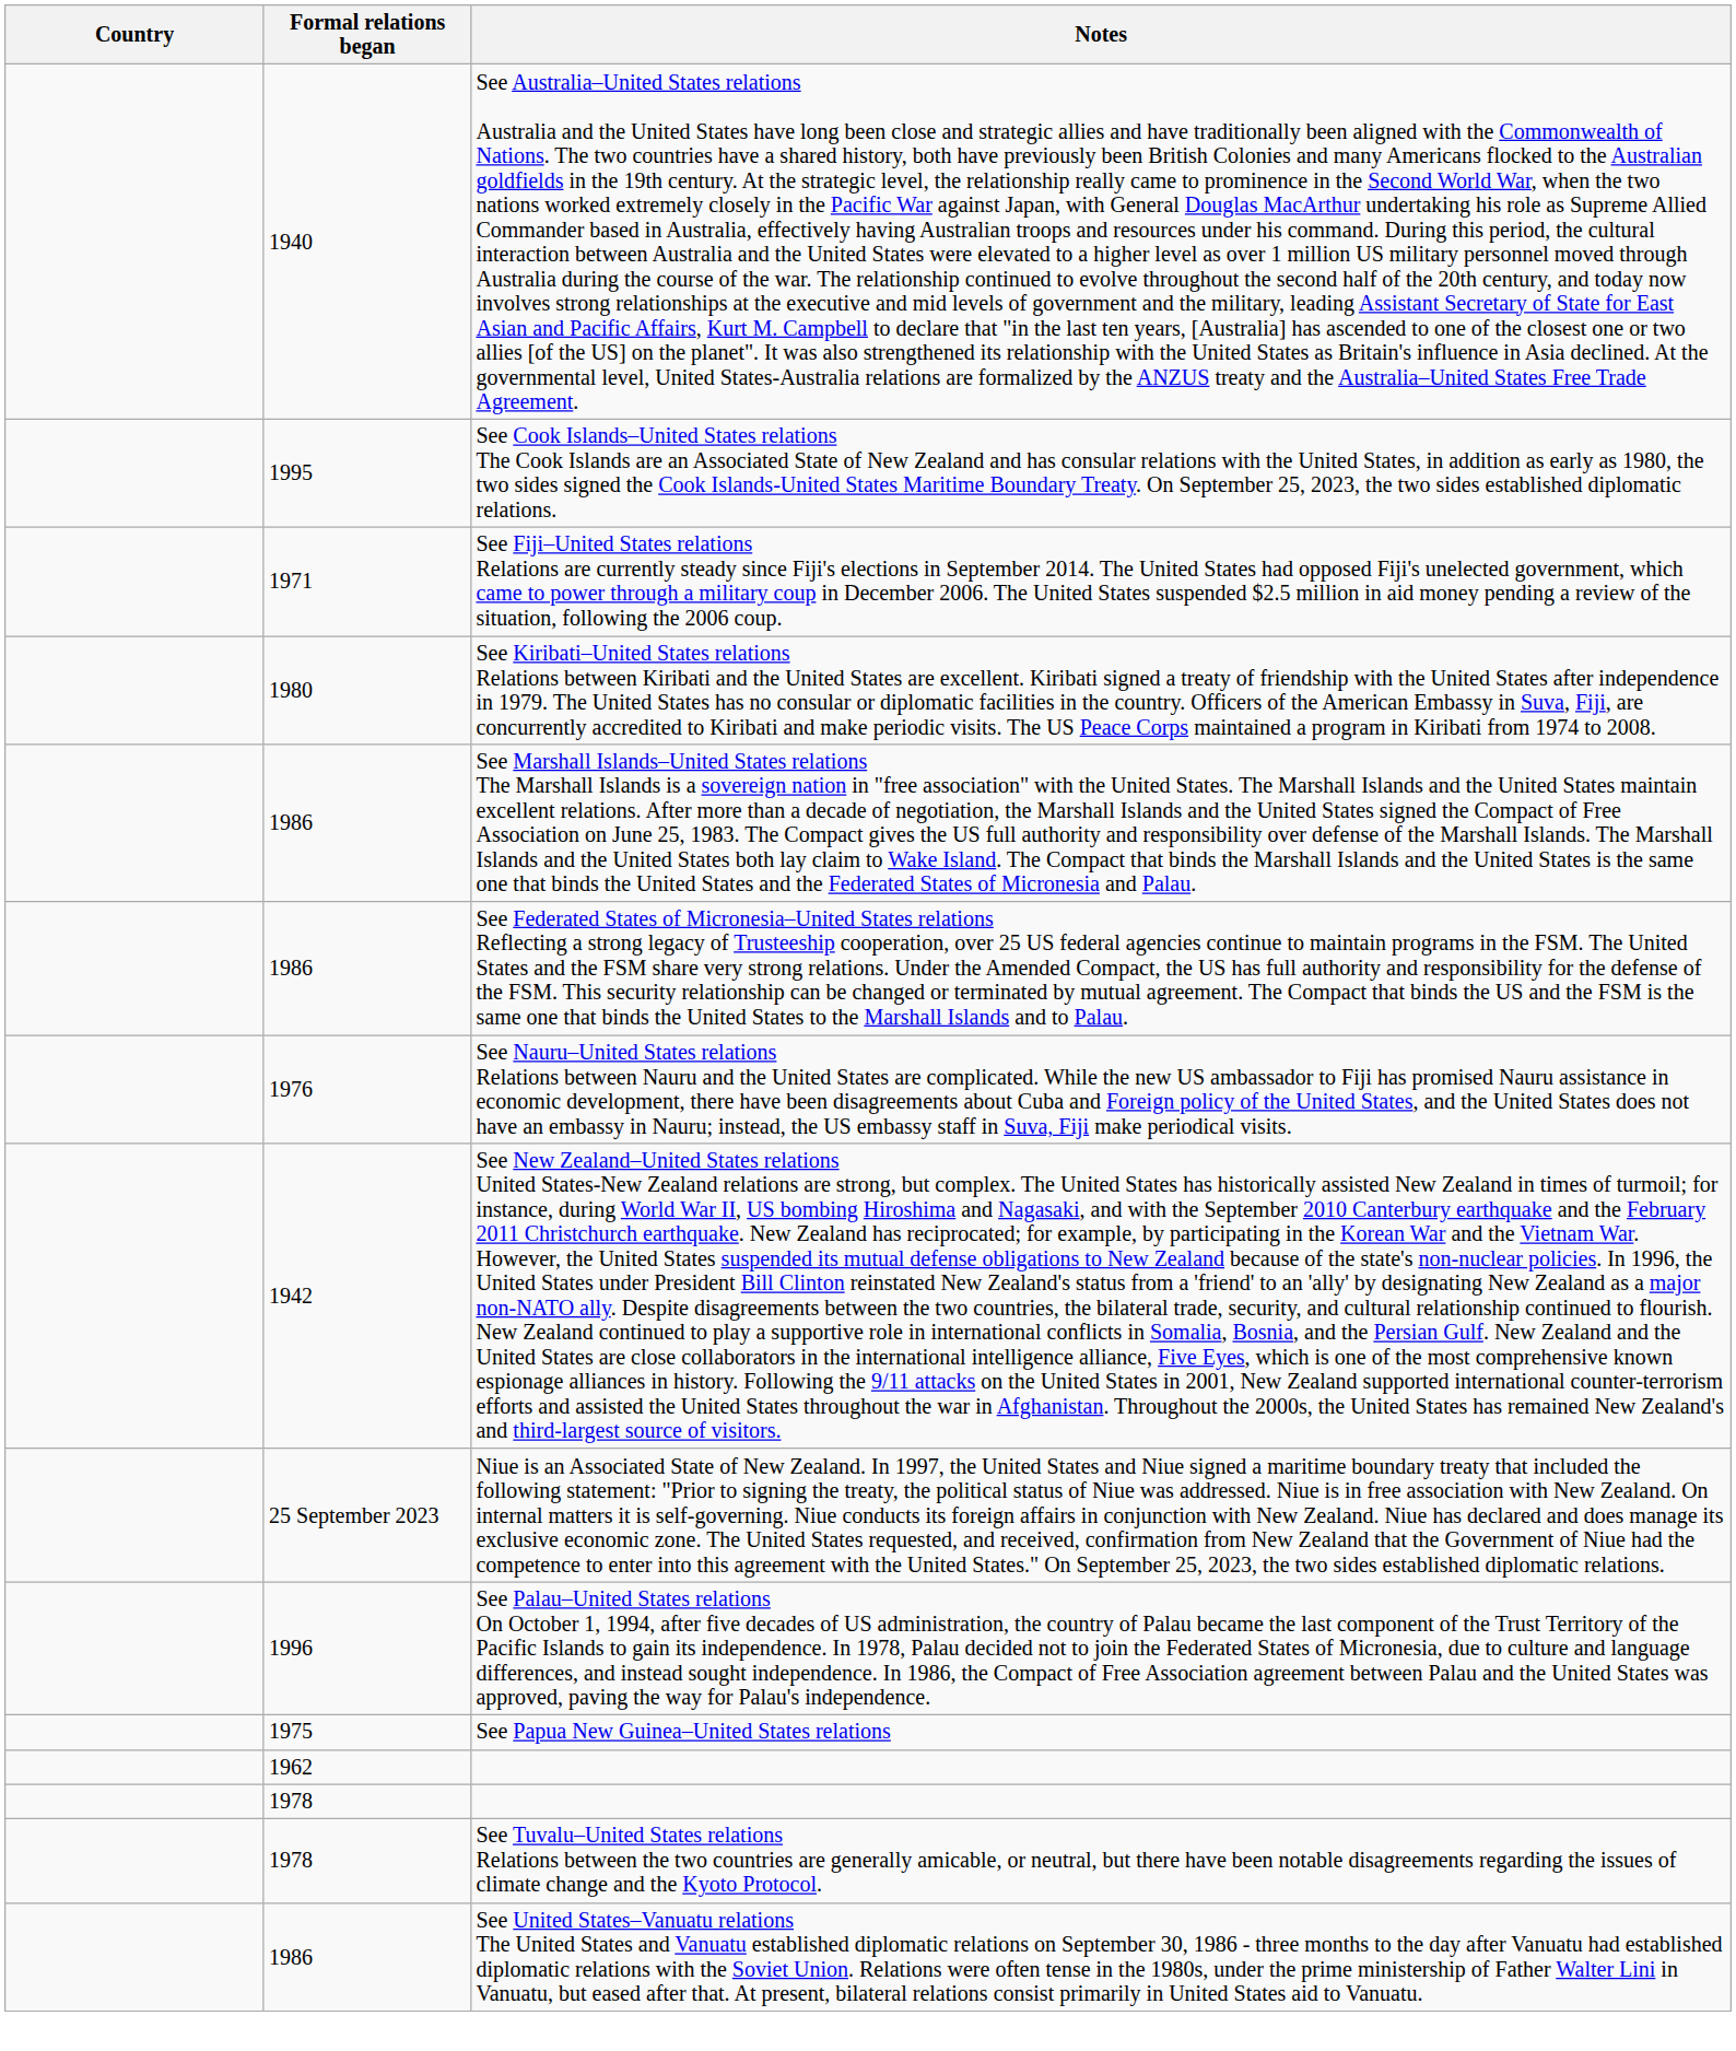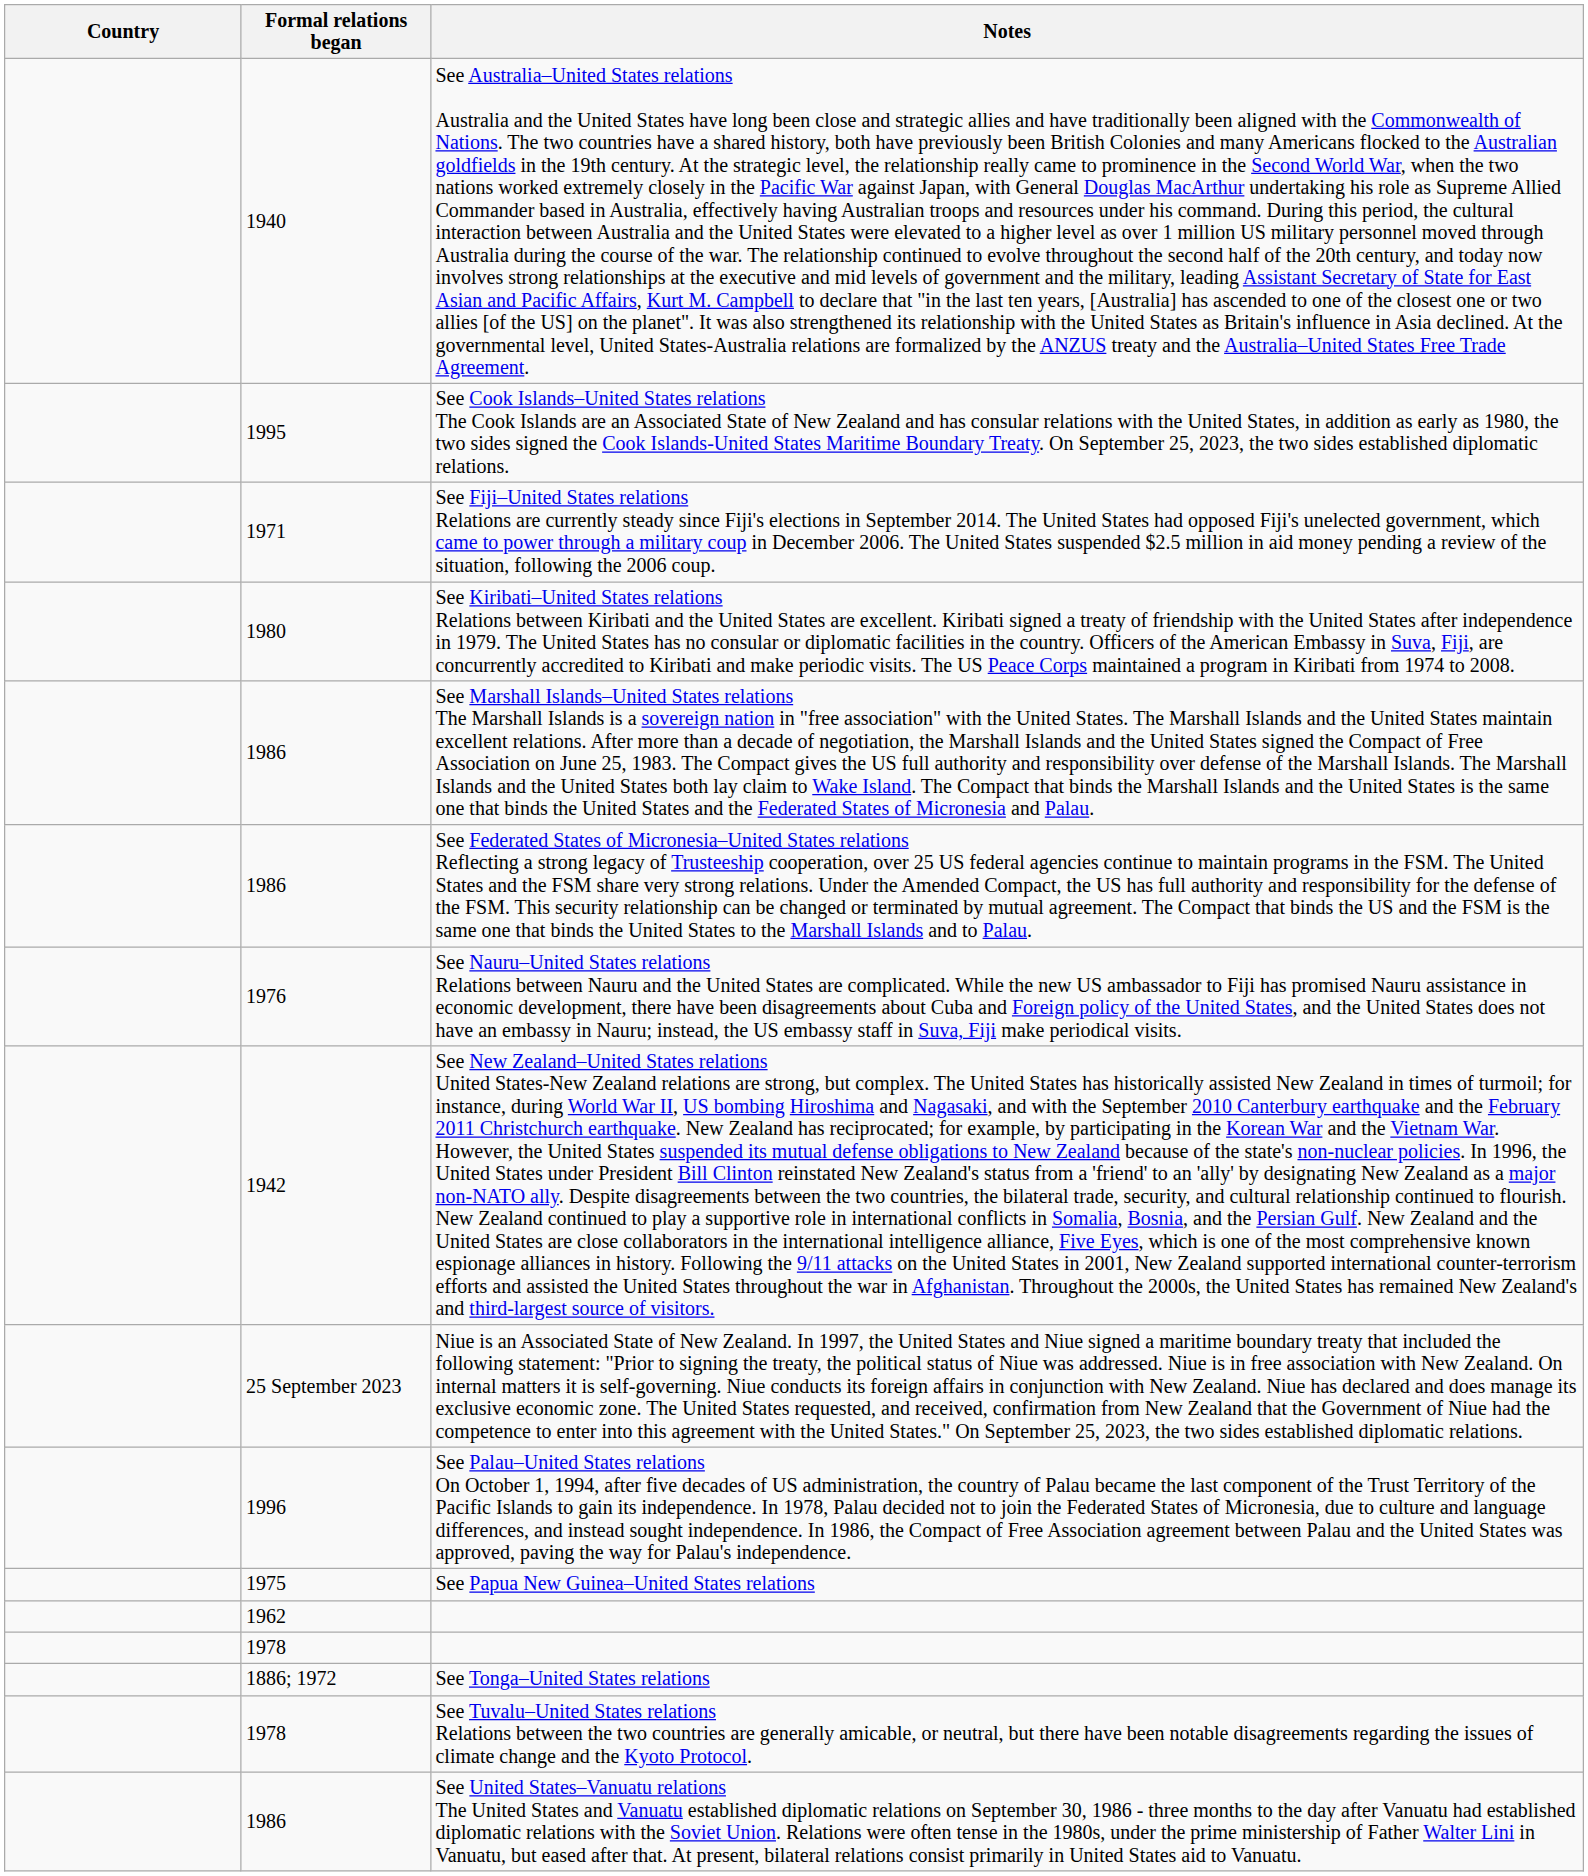 <table class="wikitable sortable" border="1" style="width:100%; margin:auto;">
 <tr>
 <th width="15%">Country</th>
 <th width="12%">Formal relations began</th>
 <th>Notes</th>
 </tr>
 <tr -valign="top">
 <td></td>
 <td>1940</td>
 <td>See <a href='#'>Australia–United States relations</a><br><br>Australia and the United States have long been close and strategic allies and have traditionally been aligned with the <a href='#'>Commonwealth of Nations</a>. The two countries have a shared history, both have previously been British Colonies and many Americans flocked to the <a href='#'>Australian goldfields</a> in the 19th century. At the strategic level, the relationship really came to prominence in the <a href='#'>Second World War</a>, when the two nations worked extremely closely in the <a href='#'>Pacific War</a> against Japan, with General <a href='#'>Douglas MacArthur</a> undertaking his role as Supreme Allied Commander based in Australia, effectively having Australian troops and resources under his command. During this period, the cultural interaction between Australia and the United States were elevated to a higher level as over 1 million US military personnel moved through Australia during the course of the war. The relationship continued to evolve throughout the second half of the 20th century, and today now involves strong relationships at the executive and mid levels of government and the military, leading <a href='#'>Assistant Secretary of State for East Asian and Pacific Affairs</a>, <a href='#'>Kurt M. Campbell</a> to declare that "in the last ten years, [Australia] has ascended to one of the closest one or two allies [of the US] on the planet". It was also strengthened its relationship with the United States as Britain's influence in Asia declined. At the governmental level, United States-Australia relations are formalized by the <a href='#'>ANZUS</a> treaty and the <a href='#'>Australia–United States Free Trade Agreement</a>.</td>
 </tr>
 <tr -valign="top">
 <td></td>
 <td>1995</td>
 <td>See <a href='#'>Cook Islands–United States relations</a><br>The Cook Islands are an Associated State of New Zealand and has consular relations with the United States, in addition as early as 1980, the two sides signed the <a href='#'>Cook Islands-United States Maritime Boundary Treaty</a>. On September 25, 2023, the two sides established diplomatic relations.</td>
 </tr>
 <tr -valign="top">
 <td></td>
 <td>1971</td>
 <td>See <a href='#'>Fiji–United States relations</a><br>Relations are currently steady since Fiji's elections in September 2014. The United States had opposed Fiji's unelected government, which <a href='#'>came to power through a military coup</a> in December 2006. The United States suspended $2.5 million in aid money pending a review of the situation, following the 2006 coup.</td>
 </tr>
 <tr -valign="top">
 <td></td>
 <td>1980</td>
 <td>See <a href='#'>Kiribati–United States relations</a><br>Relations between Kiribati and the United States are excellent. Kiribati signed a treaty of friendship with the United States after independence in 1979. The United States has no consular or diplomatic facilities in the country. Officers of the American Embassy in <a href='#'>Suva</a>, <a href='#'>Fiji</a>, are concurrently accredited to Kiribati and make periodic visits. The US <a href='#'>Peace Corps</a> maintained a program in Kiribati from 1974 to 2008.</td>
 </tr>
 <tr -valign="top">
 <td></td>
 <td>1986</td>
 <td>See <a href='#'>Marshall Islands–United States relations</a><br>The Marshall Islands is a <a href='#'>sovereign nation</a> in "free association" with the United States. The Marshall Islands and the United States maintain excellent relations. After more than a decade of negotiation, the Marshall Islands and the United States signed the Compact of Free Association on June 25, 1983. The Compact gives the US full authority and responsibility over defense of the Marshall Islands. The Marshall Islands and the United States both lay claim to <a href='#'>Wake Island</a>. The Compact that binds the Marshall Islands and the United States is the same one that binds the United States and the <a href='#'>Federated States of Micronesia</a> and <a href='#'>Palau</a>.</td>
 </tr>
 <tr -valign="top">
 <td></td>
 <td>1986</td>
 <td>See <a href='#'>Federated States of Micronesia–United States relations</a><br>Reflecting a strong legacy of <a href='#'>Trusteeship</a> cooperation, over 25 US federal agencies continue to maintain programs in the FSM. The United States and the FSM share very strong relations. Under the Amended Compact, the US has full authority and responsibility for the defense of the FSM. This security relationship can be changed or terminated by mutual agreement. The Compact that binds the US and the FSM is the same one that binds the United States to the <a href='#'>Marshall Islands</a> and to <a href='#'>Palau</a>.</td>
 </tr>
 <tr -valign="top">
 <td></td>
 <td>1976</td>
 <td>See <a href='#'>Nauru–United States relations</a><br>Relations between Nauru and the United States are complicated. While the new US ambassador to Fiji has promised Nauru assistance in economic development, there have been disagreements about Cuba and <a href='#'>Foreign policy of the United States</a>, and the United States does not have an embassy in Nauru; instead, the US embassy staff in <a href='#'>Suva, Fiji</a> make periodical visits.</td>
 </tr>
 <tr -valign="top">
 <td></td>
 <td>1942</td>
 <td>See <a href='#'>New Zealand–United States relations</a><br> United States-New Zealand relations are strong, but complex. The United States has historically assisted New Zealand in times of turmoil; for instance, during <a href='#'>World War II</a>, <a href='#'>US bombing</a> <a href='#'>Hiroshima</a> and <a href='#'>Nagasaki</a>, and with the September <a href='#'>2010 Canterbury earthquake</a> and the <a href='#'>February 2011 Christchurch earthquake</a>. New Zealand has reciprocated; for example, by participating in the <a href='#'>Korean War</a> and the <a href='#'>Vietnam War</a>. However, the United States <a href='#'>suspended its mutual defense obligations to New Zealand</a> because of the state's <a href='#'>non-nuclear policies</a>. In 1996, the United States under President <a href='#'>Bill Clinton</a> reinstated New Zealand's status from a 'friend' to an 'ally' by designating New Zealand as a <a href='#'>major non-NATO ally</a>. Despite disagreements between the two countries, the bilateral trade, security, and cultural relationship continued to flourish. New Zealand continued to play a supportive role in international conflicts in <a href='#'>Somalia</a>, <a href='#'>Bosnia</a>, and the <a href='#'>Persian Gulf</a>. New Zealand and the United States are close collaborators in the international intelligence alliance, <a href='#'>Five Eyes</a>, which is one of the most comprehensive known espionage alliances in history. Following the <a href='#'>9/11 attacks</a> on the United States in 2001, New Zealand supported international counter-terrorism efforts and assisted the United States throughout the war in <a href='#'>Afghanistan</a>. Throughout the 2000s, the United States has remained New Zealand's  and <a href='#'>third-largest source of visitors.</a></td>
 </tr>
 <tr -valign="top">
 <td></td>
 <td>25 September 2023</td>
 <td>Niue is an Associated State of New Zealand. In 1997, the United States and Niue signed a maritime boundary treaty that included the following statement: "Prior to signing the treaty, the political status of Niue was addressed. Niue is in free association with New Zealand. On internal matters it is self-governing. Niue conducts its foreign affairs in conjunction with New Zealand. Niue has declared and does manage its exclusive economic zone. The United States requested, and received, confirmation from New Zealand that the Government of Niue had the competence to enter into this agreement with the United States." On September 25, 2023, the two sides established diplomatic relations.</td>
 </tr>
 <tr -valign="top">
 <td></td>
 <td>1996</td>
 <td>See <a href='#'>Palau–United States relations</a><br>On October 1, 1994, after five decades of US administration, the country of Palau became the last component of the Trust Territory of the Pacific Islands to gain its independence. In 1978, Palau decided not to join the Federated States of Micronesia, due to culture and language differences, and instead sought independence. In 1986, the Compact of Free Association agreement between Palau and the United States was approved, paving the way for Palau's independence.</td>
 </tr>
 <tr -valign="top">
 <td></td>
 <td>1975</td>
 <td>See <a href='#'>Papua New Guinea–United States relations</a></td>
 </tr>
 <tr -valign="top">
 <td></td>
 <td>1962</td>
 <td></td>
 </tr>
 <tr -valign="top">
 <td></td>
 <td>1978</td>
 <td></td>
 </tr>
 <tr -valign="top">
 <td></td>
+<td>1886; 1972</td>
+<td>See <a href='#'>Tonga–United States relations</a></td>
+</tr>
+<tr -valign="top">
+<td></td>
 <td>1978</td>
 <td>See <a href='#'>Tuvalu–United States relations</a><br>Relations between the two countries are generally amicable, or neutral, but there have been notable disagreements regarding the issues of climate change and the <a href='#'>Kyoto Protocol</a>.</td>
 </tr>
 <tr -valign="top">
 <td></td>
 <td>1986</td>
 <td>See <a href='#'>United States–Vanuatu relations</a><br>The United States and <a href='#'>Vanuatu</a> established diplomatic relations on September 30, 1986 - three months to the day after Vanuatu had established diplomatic relations with the <a href='#'>Soviet Union</a>. Relations were often tense in the 1980s, under the prime ministership of Father <a href='#'>Walter Lini</a> in Vanuatu, but eased after that. At present, bilateral relations consist primarily in United States aid to Vanuatu.</td>
 </tr>
 </table>
